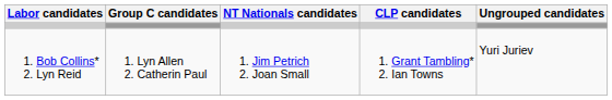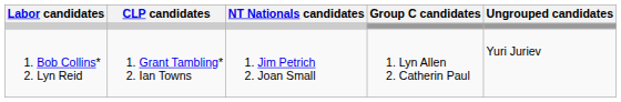 <table class="wikitable">
 <tr>
 <th><a href='#'>Labor</a> candidates</th>
+<th><a href='#'>CLP</a> candidates</th>
+<th><a href='#'>NT Nationals</a> candidates</th>
 <th>Group C candidates</th>
-<th><a href='#'>NT Nationals</a> candidates</th>
-<th><a href='#'>CLP</a> candidates</th>
 <th>Ungrouped candidates</th>
 </tr>
 <tr bgcolor="#cccccc">
 <td></td>
-<td bgcolor="#999999"></td>
 <td></td>
 <td></td>
+<td bgcolor="#999999"></td>
 <td bgcolor="#999999"></td>
 </tr>
 <tr>
 <td><br><ol><li><a href='#'>Bob Collins</a>*</li><li>Lyn Reid</li></ol></td>
+<td><br><ol><li><a href='#'>Grant Tambling</a>*</li><li>Ian Towns</li></ol></td>
+<td valign=top><br><ol><li><a href='#'>Jim Petrich</a></li><li>Joan Small</li></ol></td>
 <td valign=top><br><ol><li>Lyn Allen</li><li>Catherin Paul</li></ol></td>
-<td valign=top><br><ol><li><a href='#'>Jim Petrich</a></li><li>Joan Small</li></ol></td>
-<td><br><ol><li><a href='#'>Grant Tambling</a>*</li><li>Ian Towns</li></ol></td>
 <td valign=top><br>Yuri Juriev</td>
 </tr>
 </table>
